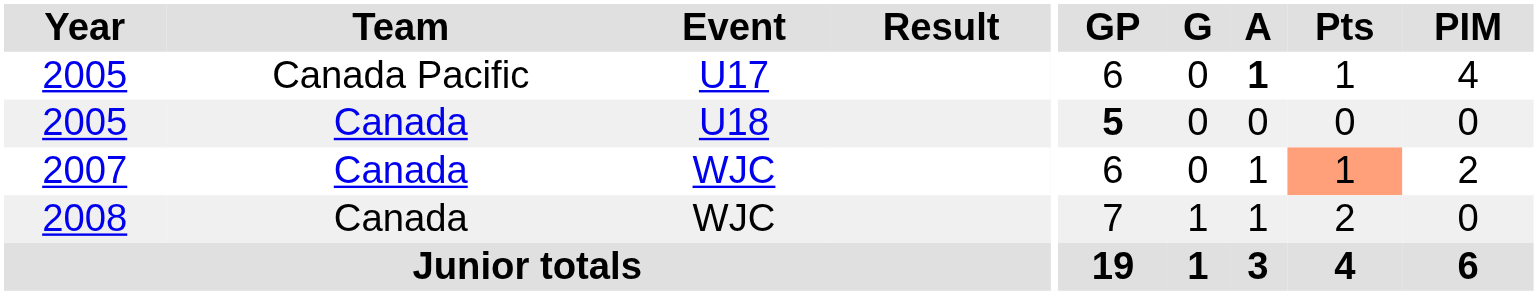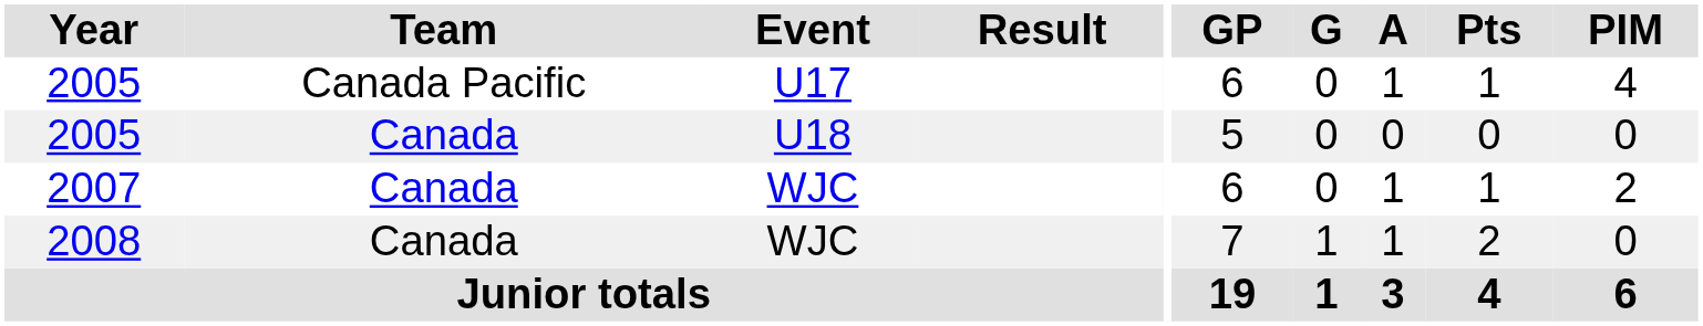 <table border="0" cellpadding="1" cellspacing="0" ID="Table3" style="text-align:center; width:40em">
 <tr ALIGN="centre" bgcolor="#e0e0e0">
 <th>Year</th>
 <th>Team</th>
 <th>Event</th>
 <th>Result</th>
 <th rowspan="99" bgcolor="#ffffff"></th>
 <th>GP</th>
 <th>G</th>
 <th>A</th>
 <th>Pts</th>
 <th>PIM</th>
 </tr>
 <tr>
 <td><a href='#'>2005</a></td>
 <td>Canada Pacific</td>
 <td><a href='#'>U17</a></td>
 <td></td>
 <td>6</td>
 <td>0</td>
-<td><strong>1</strong></td>
+<td>1</td>
 <td>1</td>
 <td>4</td>
 </tr>
 <tr bgcolor="#f0f0f0">
 <td><a href='#'>2005</a></td>
 <td><a href='#'>Canada</a></td>
 <td><a href='#'>U18</a></td>
 <td></td>
-<td><strong>5</strong></td>
+<td>5</td>
 <td>0</td>
 <td>0</td>
 <td>0</td>
 <td>0</td>
 </tr>
 <tr>
 <td><a href='#'>2007</a></td>
 <td><a href='#'>Canada</a></td>
 <td><a href='#'>WJC</a></td>
 <td></td>
 <td>6</td>
 <td>0</td>
 <td>1</td>
-<td style="background: lightsalmon;">1</td>
+<td>1</td>
 <td>2</td>
 </tr>
 <tr bgcolor="#f0f0f0">
 <td><a href='#'>2008</a></td>
 <td>Canada</td>
 <td>WJC</td>
 <td></td>
 <td>7</td>
 <td>1</td>
 <td>1</td>
 <td>2</td>
 <td>0</td>
 </tr>
 <tr bgcolor="#e0e0e0">
 <th colspan="4">Junior totals</th>
 <th>19</th>
 <th>1</th>
 <th>3</th>
 <th>4</th>
 <th>6</th>
 </tr>
 </table>
